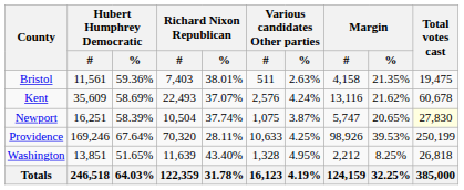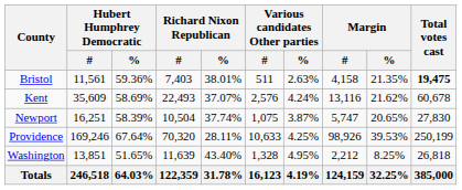 <table width="60%"  class="wikitable sortable" style="text-align:center">
 <tr>
 <th style="text-align:center;" rowspan="2">County</th>
 <th style="text-align:center;" colspan="2">Hubert Humphrey<br>Democratic</th>
 <th style="text-align:center;" colspan="2">Richard Nixon<br>Republican</th>
 <th style="text-align:center;" colspan="2">Various candidates<br>Other parties</th>
 <th style="text-align:center;" colspan="2">Margin</th>
 <th style="text-align:center;" rowspan="2">Total votes cast</th>
 </tr>
 <tr>
 <th style="text-align:center;" data-sort-type="number">#</th>
 <th style="text-align:center;" data-sort-type="number">%</th>
 <th style="text-align:center;" data-sort-type="number">#</th>
 <th style="text-align:center;" data-sort-type="number">%</th>
 <th style="text-align:center;" data-sort-type="number">#</th>
 <th style="text-align:center;" data-sort-type="number">%</th>
 <th style="text-align:center;" data-sort-type="number">#</th>
 <th style="text-align:center;" data-sort-type="number">%</th>
 </tr>
 <tr style="text-align:center;">
 <td><a href='#'>Bristol</a></td>
 <td>11,561</td>
 <td>59.36%</td>
 <td>7,403</td>
 <td>38.01%</td>
 <td>511</td>
 <td>2.63%</td>
 <td>4,158</td>
 <td>21.35%</td>
-<td>19,475</td>
+<td><strong>19,475</strong></td>
 </tr>
 <tr style="text-align:center;">
 <td><a href='#'>Kent</a></td>
 <td>35,609</td>
 <td>58.69%</td>
 <td>22,493</td>
 <td>37.07%</td>
 <td>2,576</td>
 <td>4.24%</td>
 <td>13,116</td>
 <td>21.62%</td>
 <td>60,678</td>
 </tr>
 <tr style="text-align:center;">
 <td><a href='#'>Newport</a></td>
 <td>16,251</td>
 <td>58.39%</td>
 <td>10,504</td>
 <td>37.74%</td>
 <td>1,075</td>
 <td>3.87%</td>
 <td>5,747</td>
 <td>20.65%</td>
-<td style="background: lightyellow;">27,830</td>
+<td>27,830</td>
 </tr>
 <tr style="text-align:center;">
 <td><a href='#'>Providence</a></td>
 <td>169,246</td>
 <td>67.64%</td>
 <td>70,320</td>
 <td>28.11%</td>
 <td>10,633</td>
 <td>4.25%</td>
 <td>98,926</td>
 <td>39.53%</td>
 <td>250,199</td>
 </tr>
 <tr style="text-align:center;">
 <td><a href='#'>Washington</a></td>
 <td>13,851</td>
 <td>51.65%</td>
 <td>11,639</td>
 <td>43.40%</td>
 <td>1,328</td>
 <td>4.95%</td>
 <td>2,212</td>
 <td>8.25%</td>
 <td>26,818</td>
 </tr>
 <tr>
 <th>Totals</th>
 <th>246,518</th>
 <th>64.03%</th>
 <th>122,359</th>
 <th>31.78%</th>
 <th>16,123</th>
 <th>4.19%</th>
 <th>124,159</th>
 <th>32.25%</th>
 <th>385,000</th>
 </tr>
 </table>
